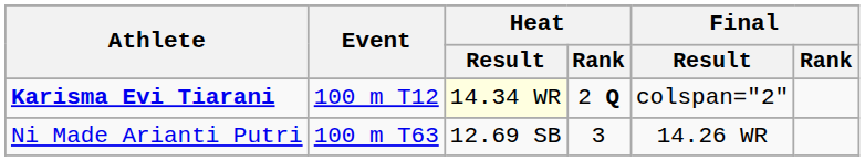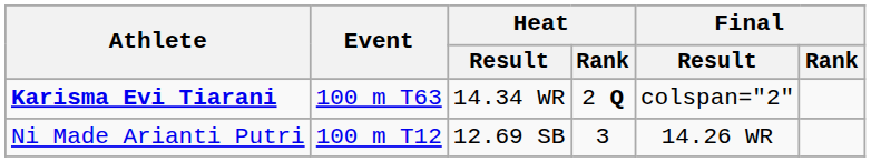 <table class="wikitable" style="font-size:90%">
 <tr>
 <th rowspan="2">Athlete</th>
 <th rowspan="2">Event</th>
 <th colspan="2">Heat</th>
 <th colspan="2">Final</th>
 </tr>
 <tr style="font-size:95%">
 <th>Result</th>
 <th>Rank</th>
 <th>Result</th>
 <th>Rank</th>
 </tr>
 <tr align=center>
 <td align=left><strong><a href='#'>Karisma Evi Tiarani</a></strong></td>
-<td align=left><a href='#'>100 m T12</a></td>
-<td style="background: lightyellow;">14.34	WR</td>
+<td align=left><a href='#'>100 m T63</a></td>
+<td>14.34	WR</td>
 <td>2 <strong>Q</strong></td>
 <td>colspan="2" </td>
 <td></td>
 </tr>
 <tr align=center>
 <td align=left><a href='#'>Ni Made Arianti Putri</a></td>
-<td align=left><a href='#'>100 m T63</a></td>
+<td align=left><a href='#'>100 m T12</a></td>
 <td>12.69 SB</td>
 <td>3</td>
 <td>14.26 WR</td>
 </tr>
 </table>
